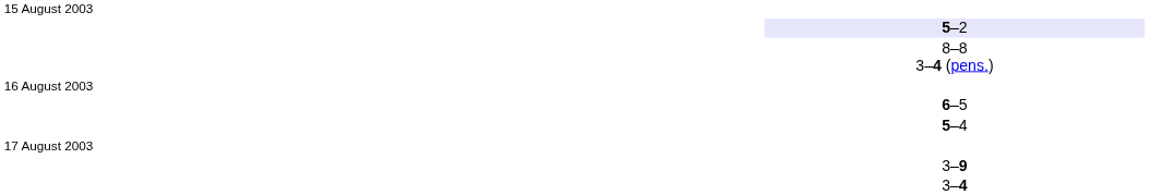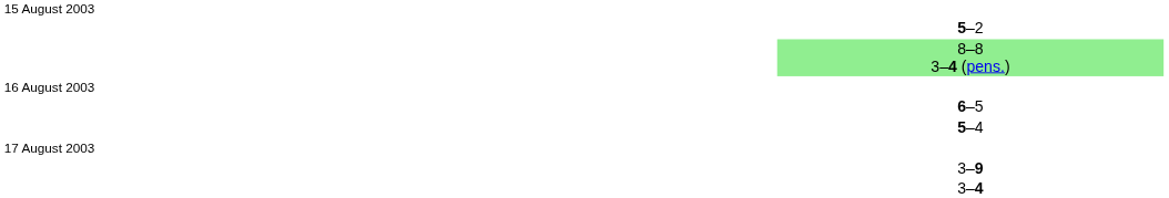 <table width=100% cellspacing=1>
 <tr>
 <th width=40%></th>
 <th width=20%></th>
 <th></th>
 </tr>
 <tr>
 <td><small>15 August 2003</small></td>
 </tr>
 <tr>
 <td align=right><strong></strong></td>
-<td align=center style="background: lavender;"><strong>5</strong>–2</td>
+<td align=center><strong>5</strong>–2</td>
 <td></td>
 </tr>
 <tr>
 <td align=right></td>
-<td align=center>8–8 <br>3–<strong>4</strong> (<a href='#'>pens.</a>)</td>
+<td align=center style="background: lightgreen;">8–8 <br>3–<strong>4</strong> (<a href='#'>pens.</a>)</td>
 <td><strong></strong></td>
 </tr>
 <tr>
 <td><small>16 August 2003</small></td>
 </tr>
 <tr>
 <td align=right><strong></strong></td>
 <td align=center><strong>6</strong>–5</td>
 <td></td>
 </tr>
 <tr>
 <td align=right><strong></strong></td>
 <td align=center><strong>5</strong>–4 </td>
 <td></td>
 </tr>
 <tr>
 <td><small>17 August 2003</small></td>
 </tr>
 <tr>
 <td align=right></td>
 <td align=center>3–<strong>9</strong></td>
 <td><strong></strong></td>
 </tr>
 <tr>
 <td align=right></td>
 <td align=center>3–<strong>4</strong> </td>
 <td><strong></strong></td>
 </tr>
 </table>
